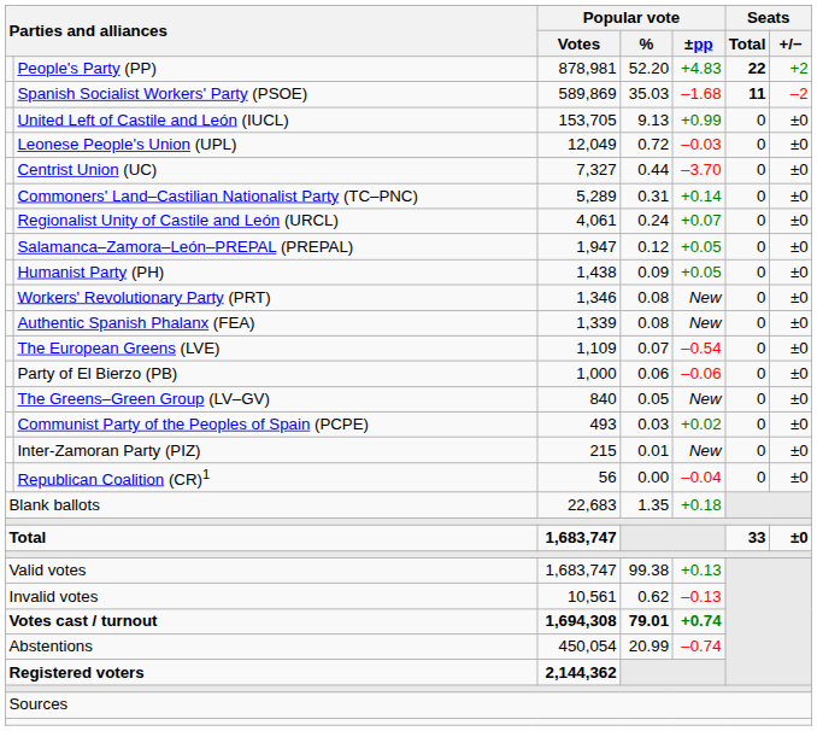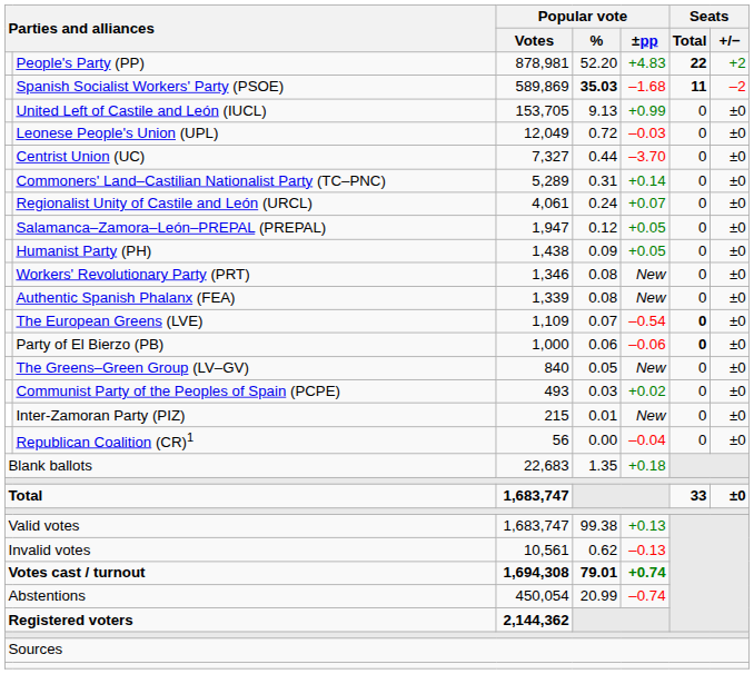 <table class="wikitable" style="text-align:right;">
 <tr>
 <th style="text-align:left;" rowspan="2" colspan="2" width="525">Parties and alliances</th>
 <th colspan="3">Popular vote</th>
 <th colspan="2">Seats</th>
 </tr>
 <tr>
 <th width="75">Votes</th>
 <th width="45">%</th>
 <th width="45">±<a href='#'>pp</a></th>
 <th width="35">Total</th>
 <th width="35">+/−</th>
 </tr>
 <tr>
 <td width="1" style="color:inherit;background:"></td>
 <td align="left"><a href='#'>People's Party</a> (PP)</td>
 <td>878,981</td>
 <td>52.20</td>
 <td style="color:green;">+4.83</td>
 <td><strong>22</strong></td>
 <td style="color:green;">+2</td>
 </tr>
 <tr>
 <td style="color:inherit;background:"></td>
 <td align="left"><a href='#'>Spanish Socialist Workers' Party</a> (PSOE)</td>
 <td>589,869</td>
-<td>35.03</td>
+<td><strong>35.03</strong></td>
 <td style="color:red;">–1.68</td>
 <td><strong>11</strong></td>
 <td style="color:red;">–2</td>
 </tr>
 <tr>
 <td style="color:inherit;background:"></td>
 <td align="left"><a href='#'>United Left of Castile and León</a> (IUCL)</td>
 <td>153,705</td>
 <td>9.13</td>
 <td style="color:green;">+0.99</td>
 <td>0</td>
 <td>±0</td>
 </tr>
 <tr>
 <td style="color:inherit;background:"></td>
 <td align="left"><a href='#'>Leonese People's Union</a> (UPL)</td>
 <td>12,049</td>
 <td>0.72</td>
 <td style="color:red;">–0.03</td>
 <td>0</td>
 <td>±0</td>
 </tr>
 <tr>
 <td style="color:inherit;background:"></td>
 <td align="left"><a href='#'>Centrist Union</a> (UC)</td>
 <td>7,327</td>
 <td>0.44</td>
 <td style="color:red;">–3.70</td>
 <td>0</td>
 <td>±0</td>
 </tr>
 <tr>
 <td style="color:inherit;background:"></td>
 <td align="left"><a href='#'>Commoners' Land–Castilian Nationalist Party</a> (TC–PNC)</td>
 <td>5,289</td>
 <td>0.31</td>
 <td style="color:green;">+0.14</td>
 <td>0</td>
 <td>±0</td>
 </tr>
 <tr>
 <td style="color:inherit;background:"></td>
 <td align="left"><a href='#'>Regionalist Unity of Castile and León</a> (URCL)</td>
 <td>4,061</td>
 <td>0.24</td>
 <td style="color:green;">+0.07</td>
 <td>0</td>
 <td>±0</td>
 </tr>
 <tr>
 <td style="color:inherit;background:"></td>
 <td align="left"><a href='#'>Salamanca–Zamora–León–PREPAL</a> (PREPAL)</td>
 <td>1,947</td>
 <td>0.12</td>
 <td style="color:green;">+0.05</td>
 <td>0</td>
 <td>±0</td>
 </tr>
 <tr>
 <td style="color:inherit;background:"></td>
 <td align="left"><a href='#'>Humanist Party</a> (PH)</td>
 <td>1,438</td>
 <td>0.09</td>
 <td style="color:green;">+0.05</td>
 <td>0</td>
 <td>±0</td>
 </tr>
 <tr>
 <td style="color:inherit;background:"></td>
 <td align="left"><a href='#'>Workers' Revolutionary Party</a> (PRT)</td>
 <td>1,346</td>
 <td>0.08</td>
 <td><em>New</em></td>
 <td>0</td>
 <td>±0</td>
 </tr>
 <tr>
 <td style="color:inherit;background:"></td>
 <td align="left"><a href='#'>Authentic Spanish Phalanx</a> (FEA)</td>
 <td>1,339</td>
 <td>0.08</td>
 <td><em>New</em></td>
 <td>0</td>
 <td>±0</td>
 </tr>
 <tr>
 <td style="color:inherit;background:"></td>
 <td align="left"><a href='#'>The European Greens</a> (LVE)</td>
 <td>1,109</td>
 <td>0.07</td>
 <td style="color:red;">–0.54</td>
-<td>0</td>
+<td><strong>0</strong></td>
 <td>±0</td>
 </tr>
 <tr>
 <td style="color:inherit;background:"></td>
 <td align="left">Party of El Bierzo (PB)</td>
 <td>1,000</td>
 <td>0.06</td>
 <td style="color:red;">–0.06</td>
-<td>0</td>
+<td><strong>0</strong></td>
 <td>±0</td>
 </tr>
 <tr>
 <td style="color:inherit;background:"></td>
 <td align="left"><a href='#'>The Greens–Green Group</a> (LV–GV)</td>
 <td>840</td>
 <td>0.05</td>
 <td><em>New</em></td>
 <td>0</td>
 <td>±0</td>
 </tr>
 <tr>
 <td style="color:inherit;background:"></td>
 <td align="left"><a href='#'>Communist Party of the Peoples of Spain</a> (PCPE)</td>
 <td>493</td>
 <td>0.03</td>
 <td style="color:green;">+0.02</td>
 <td>0</td>
 <td>±0</td>
 </tr>
 <tr>
 <td bgcolor="white"></td>
 <td align="left">Inter-Zamoran Party (PIZ)</td>
 <td>215</td>
 <td>0.01</td>
 <td><em>New</em></td>
 <td>0</td>
 <td>±0</td>
 </tr>
 <tr>
 <td style="color:inherit;background:"></td>
 <td align="left"><a href='#'>Republican Coalition</a> (CR)<sup>1</sup></td>
 <td>56</td>
 <td>0.00</td>
 <td style="color:red;">–0.04</td>
 <td>0</td>
 <td>±0</td>
 </tr>
 <tr>
 <td align="left" colspan="2">Blank ballots</td>
 <td>22,683</td>
 <td>1.35</td>
 <td style="color:green;">+0.18</td>
 <td bgcolor="#E9E9E9" colspan="2"></td>
 </tr>
 <tr>
 <td colspan="7" bgcolor="#E9E9E9"></td>
 </tr>
 <tr style="font-weight:bold;">
 <td align="left" colspan="2">Total</td>
 <td>1,683,747</td>
 <td bgcolor="#E9E9E9" colspan="2"></td>
 <td>33</td>
 <td>±0</td>
 </tr>
 <tr>
 <td colspan="7" bgcolor="#E9E9E9"></td>
 </tr>
 <tr>
 <td align="left" colspan="2">Valid votes</td>
 <td>1,683,747</td>
 <td>99.38</td>
 <td style="color:green;">+0.13</td>
 <td bgcolor="#E9E9E9" colspan="2" rowspan="5"></td>
 </tr>
 <tr>
 <td align="left" colspan="2">Invalid votes</td>
 <td>10,561</td>
 <td>0.62</td>
 <td style="color:red;">–0.13</td>
 </tr>
 <tr style="font-weight:bold;">
 <td align="left" colspan="2">Votes cast / turnout</td>
 <td>1,694,308</td>
 <td>79.01</td>
 <td style="color:green;">+0.74</td>
 </tr>
 <tr>
 <td align="left" colspan="2">Abstentions</td>
 <td>450,054</td>
 <td>20.99</td>
 <td style="color:red;">–0.74</td>
 </tr>
 <tr style="font-weight:bold;">
 <td align="left" colspan="2">Registered voters</td>
 <td>2,144,362</td>
 <td bgcolor="#E9E9E9" colspan="2"></td>
 </tr>
 <tr>
 <td colspan="7" bgcolor="#E9E9E9"></td>
 </tr>
 <tr>
 <td align="left" colspan="7">Sources</td>
 </tr>
 <tr>
 <td colspan="7" style="text-align:left; max-width:790px;"></td>
 </tr>
 </table>
